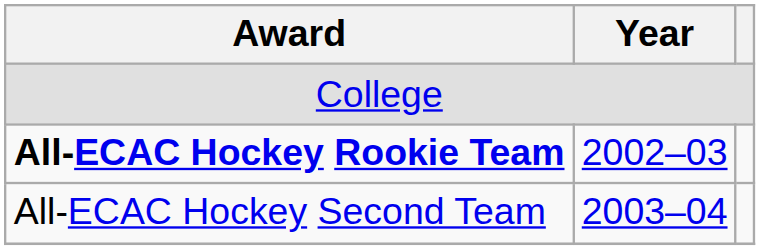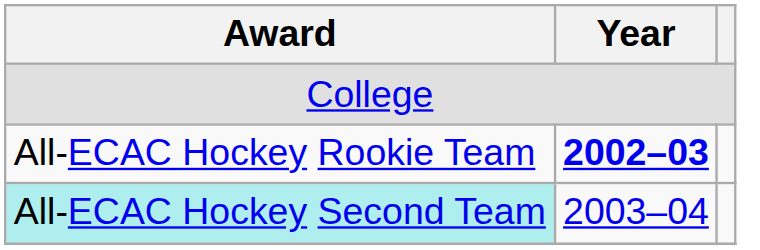 <table class="wikitable">
 <tr>
 <th>Award</th>
 <th>Year</th>
 <th></th>
 </tr>
 <tr ALIGN="center" bgcolor="#e0e0e0">
 <td colspan="3"><a href='#'>College</a></td>
 </tr>
 <tr>
-<td><strong>All-<a href='#'>ECAC Hockey</a> <a href='#'>Rookie Team</a></strong></td>
-<td><a href='#'>2002–03</a></td>
+<td>All-<a href='#'>ECAC Hockey</a> <a href='#'>Rookie Team</a></td>
+<td><strong><a href='#'>2002–03</a></strong></td>
 <td></td>
 </tr>
 <tr>
-<td>All-<a href='#'>ECAC Hockey</a> <a href='#'>Second Team</a></td>
+<td style="background: paleturquoise;">All-<a href='#'>ECAC Hockey</a> <a href='#'>Second Team</a></td>
 <td><a href='#'>2003–04</a></td>
 <td></td>
 </tr>
 <tr>
 </tr>
 </table>
